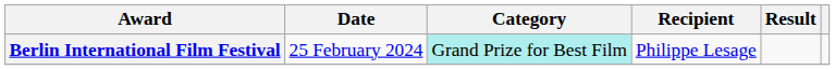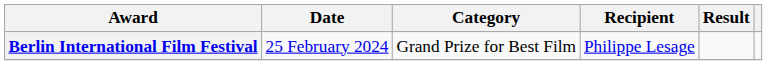 <table class="wikitable sortable plainrowheaders">
 <tr>
 <th>Award</th>
 <th>Date</th>
 <th>Category</th>
 <th>Recipient</th>
 <th>Result</th>
 <th></th>
 </tr>
 <tr>
 <th scope="row"><a href='#'>Berlin International Film Festival</a></th>
 <td><a href='#'>25 February 2024</a></td>
-<td style="background: paleturquoise;">Grand Prize for Best Film</td>
+<td>Grand Prize for Best Film</td>
 <td><a href='#'>Philippe Lesage</a></td>
 <td></td>
 <td align="center" rowspan="1"></td>
 </tr>
 <tr>
 </tr>
 </table>
